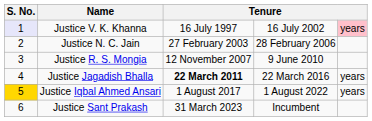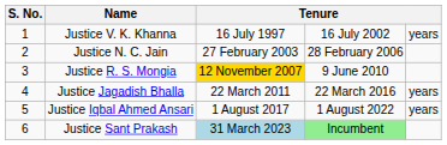 <table class="wikitable" style="text-align:center">
 <tr>
 <th>S. No.</th>
 <th>Name</th>
 <th colspan=3>Tenure</th>
 </tr>
 <tr>
-<td style="background: lavender;">1</td>
+<td>1</td>
 <td>Justice V. K. Khanna</td>
 <td>16 July 1997</td>
 <td>16 July 2002</td>
-<td style="background: pink;"> years</td>
+<td> years</td>
 </tr>
 <tr>
 <td>2</td>
 <td>Justice N. C. Jain</td>
 <td>27 February 2003</td>
 <td>28 February 2006</td>
 <td></td>
 </tr>
 <tr>
 <td>3</td>
 <td>Justice <a href='#'>R. S. Mongia</a></td>
-<td>12 November 2007</td>
+<td style="background: gold;">12 November 2007</td>
 <td>9 June 2010</td>
 <td></td>
 </tr>
 <tr>
 <td>4</td>
 <td>Justice <a href='#'>Jagadish Bhalla</a></td>
-<td><strong>22 March 2011</strong></td>
+<td>22 March 2011</td>
 <td>22 March 2016</td>
 <td> years</td>
 </tr>
 <tr>
-<td style="background: gold;">5</td>
+<td>5</td>
 <td>Justice <a href='#'>Iqbal Ahmed Ansari</a></td>
 <td>1 August 2017</td>
 <td>1 August 2022</td>
 <td> years</td>
 </tr>
 <tr>
 <td>6</td>
 <td>Justice <a href='#'>Sant Prakash</a></td>
-<td>31 March 2023</td>
-<td>Incumbent</td>
+<td style="background: lightblue;">31 March 2023</td>
+<td style="background: lightgreen;">Incumbent</td>
 <td></td>
 </tr>
 </table>
